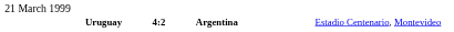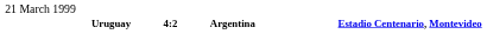 <table width=100% cellspacing=1>
 <tr>
 <th width=20%></th>
 <th width=12%></th>
 <th width=20%></th>
 <th width=33%></th>
 </tr>
 <tr>
 <td>21 March 1999</td>
 </tr>
 <tr style=font-size:90%>
 <td align=right><strong>Uruguay</strong></td>
 <td align=center><strong>4:2</strong></td>
 <td><strong>Argentina</strong></td>
-<td><a href='#'>Estadio Centenario</a>, <a href='#'>Montevideo</a></td>
+<td><strong><a href='#'>Estadio Centenario</a>, <a href='#'>Montevideo</a></strong></td>
 <td></td>
 </tr>
 </table>
